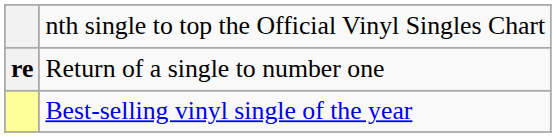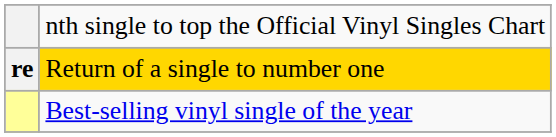 <table class="wikitable plainrowheaders sortable" style="font-size:90%;">
 <tr>
 <th scope=col></th>
 <td>nth single to top the Official Vinyl Singles Chart</td>
 </tr>
 <tr>
 <th scope=row style="text-align:center;">re</th>
-<td>Return of a single to number one</td>
+<td style="background: gold;">Return of a single to number one</td>
 </tr>
 <tr>
 <td bgcolor=#FFFF99 align=center></td>
 <td><a href='#'>Best-selling vinyl single of the year</a></td>
 </tr>
 </table>
